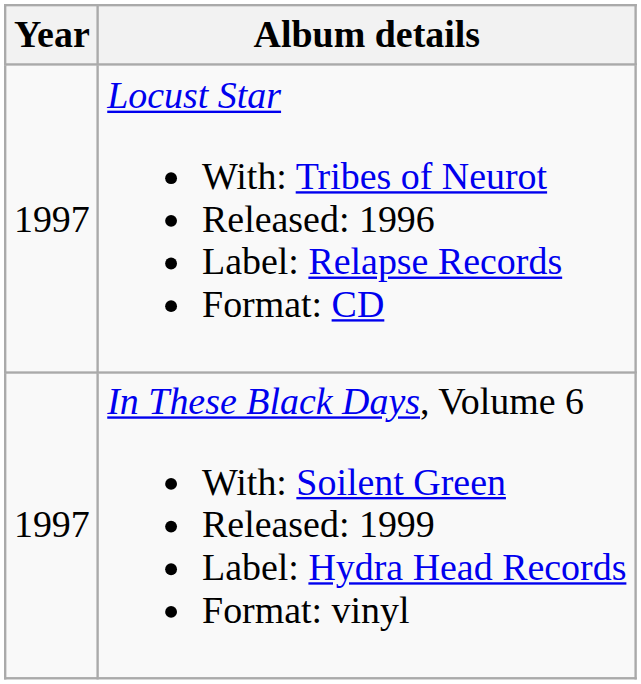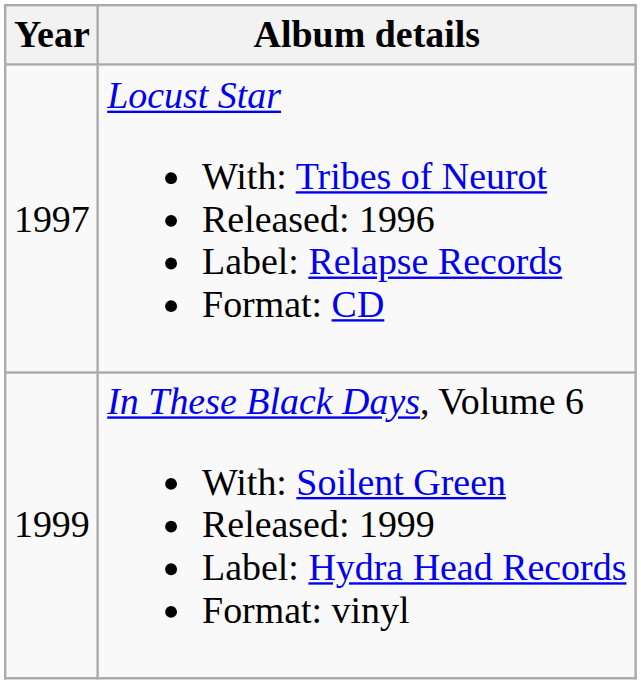 <table class="wikitable">
 <tr>
 <th>Year</th>
 <th>Album details</th>
 </tr>
 <tr>
 <td>1997</td>
 <td><em><a href='#'>Locust Star</a></em><br><ul><li>With: <a href='#'>Tribes of Neurot</a></li><li>Released: 1996</li><li>Label: <a href='#'>Relapse Records</a></li><li>Format: <a href='#'>CD</a></li></ul></td>
 </tr>
 <tr>
-<td>1997</td>
+<td>1999</td>
 <td><em><a href='#'>In These Black Days</a></em>, Volume 6<br><ul><li>With: <a href='#'>Soilent Green</a></li><li>Released: 1999</li><li>Label: <a href='#'>Hydra Head Records</a></li><li>Format: vinyl</li></ul></td>
 </tr>
 </table>
